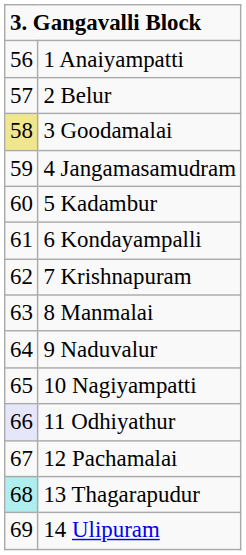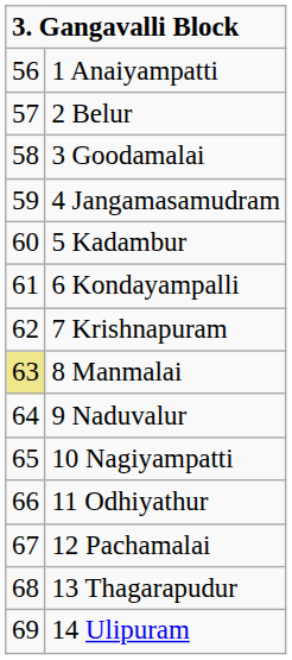 <table class="wikitable">
 <tr>
 <td colspan="2"><strong>3. Gangavalli Block</strong></td>
 </tr>
 <tr>
 <td>56</td>
 <td>1 Anaiyampatti</td>
 </tr>
 <tr>
 <td>57</td>
 <td>2 Belur</td>
 </tr>
 <tr>
-<td style="background: khaki;">58</td>
+<td>58</td>
 <td>3 Goodamalai</td>
 </tr>
 <tr>
 <td>59</td>
 <td>4 Jangamasamudram</td>
 </tr>
 <tr>
 <td>60</td>
 <td>5 Kadambur</td>
 </tr>
 <tr>
 <td>61</td>
 <td>6 Kondayampalli</td>
 </tr>
 <tr>
 <td>62</td>
 <td>7 Krishnapuram</td>
 </tr>
 <tr>
-<td>63</td>
+<td style="background: khaki;">63</td>
 <td>8 Manmalai</td>
 </tr>
 <tr>
 <td>64</td>
 <td>9 Naduvalur</td>
 </tr>
 <tr>
 <td>65</td>
 <td>10 Nagiyampatti</td>
 </tr>
 <tr>
-<td style="background: lavender;">66</td>
+<td>66</td>
 <td>11 Odhiyathur</td>
 </tr>
 <tr>
 <td>67</td>
 <td>12 Pachamalai</td>
 </tr>
 <tr>
-<td style="background: paleturquoise;">68</td>
+<td>68</td>
 <td>13 Thagarapudur</td>
 </tr>
 <tr>
 <td>69</td>
 <td>14 <a href='#'>Ulipuram</a></td>
 </tr>
 </table>
